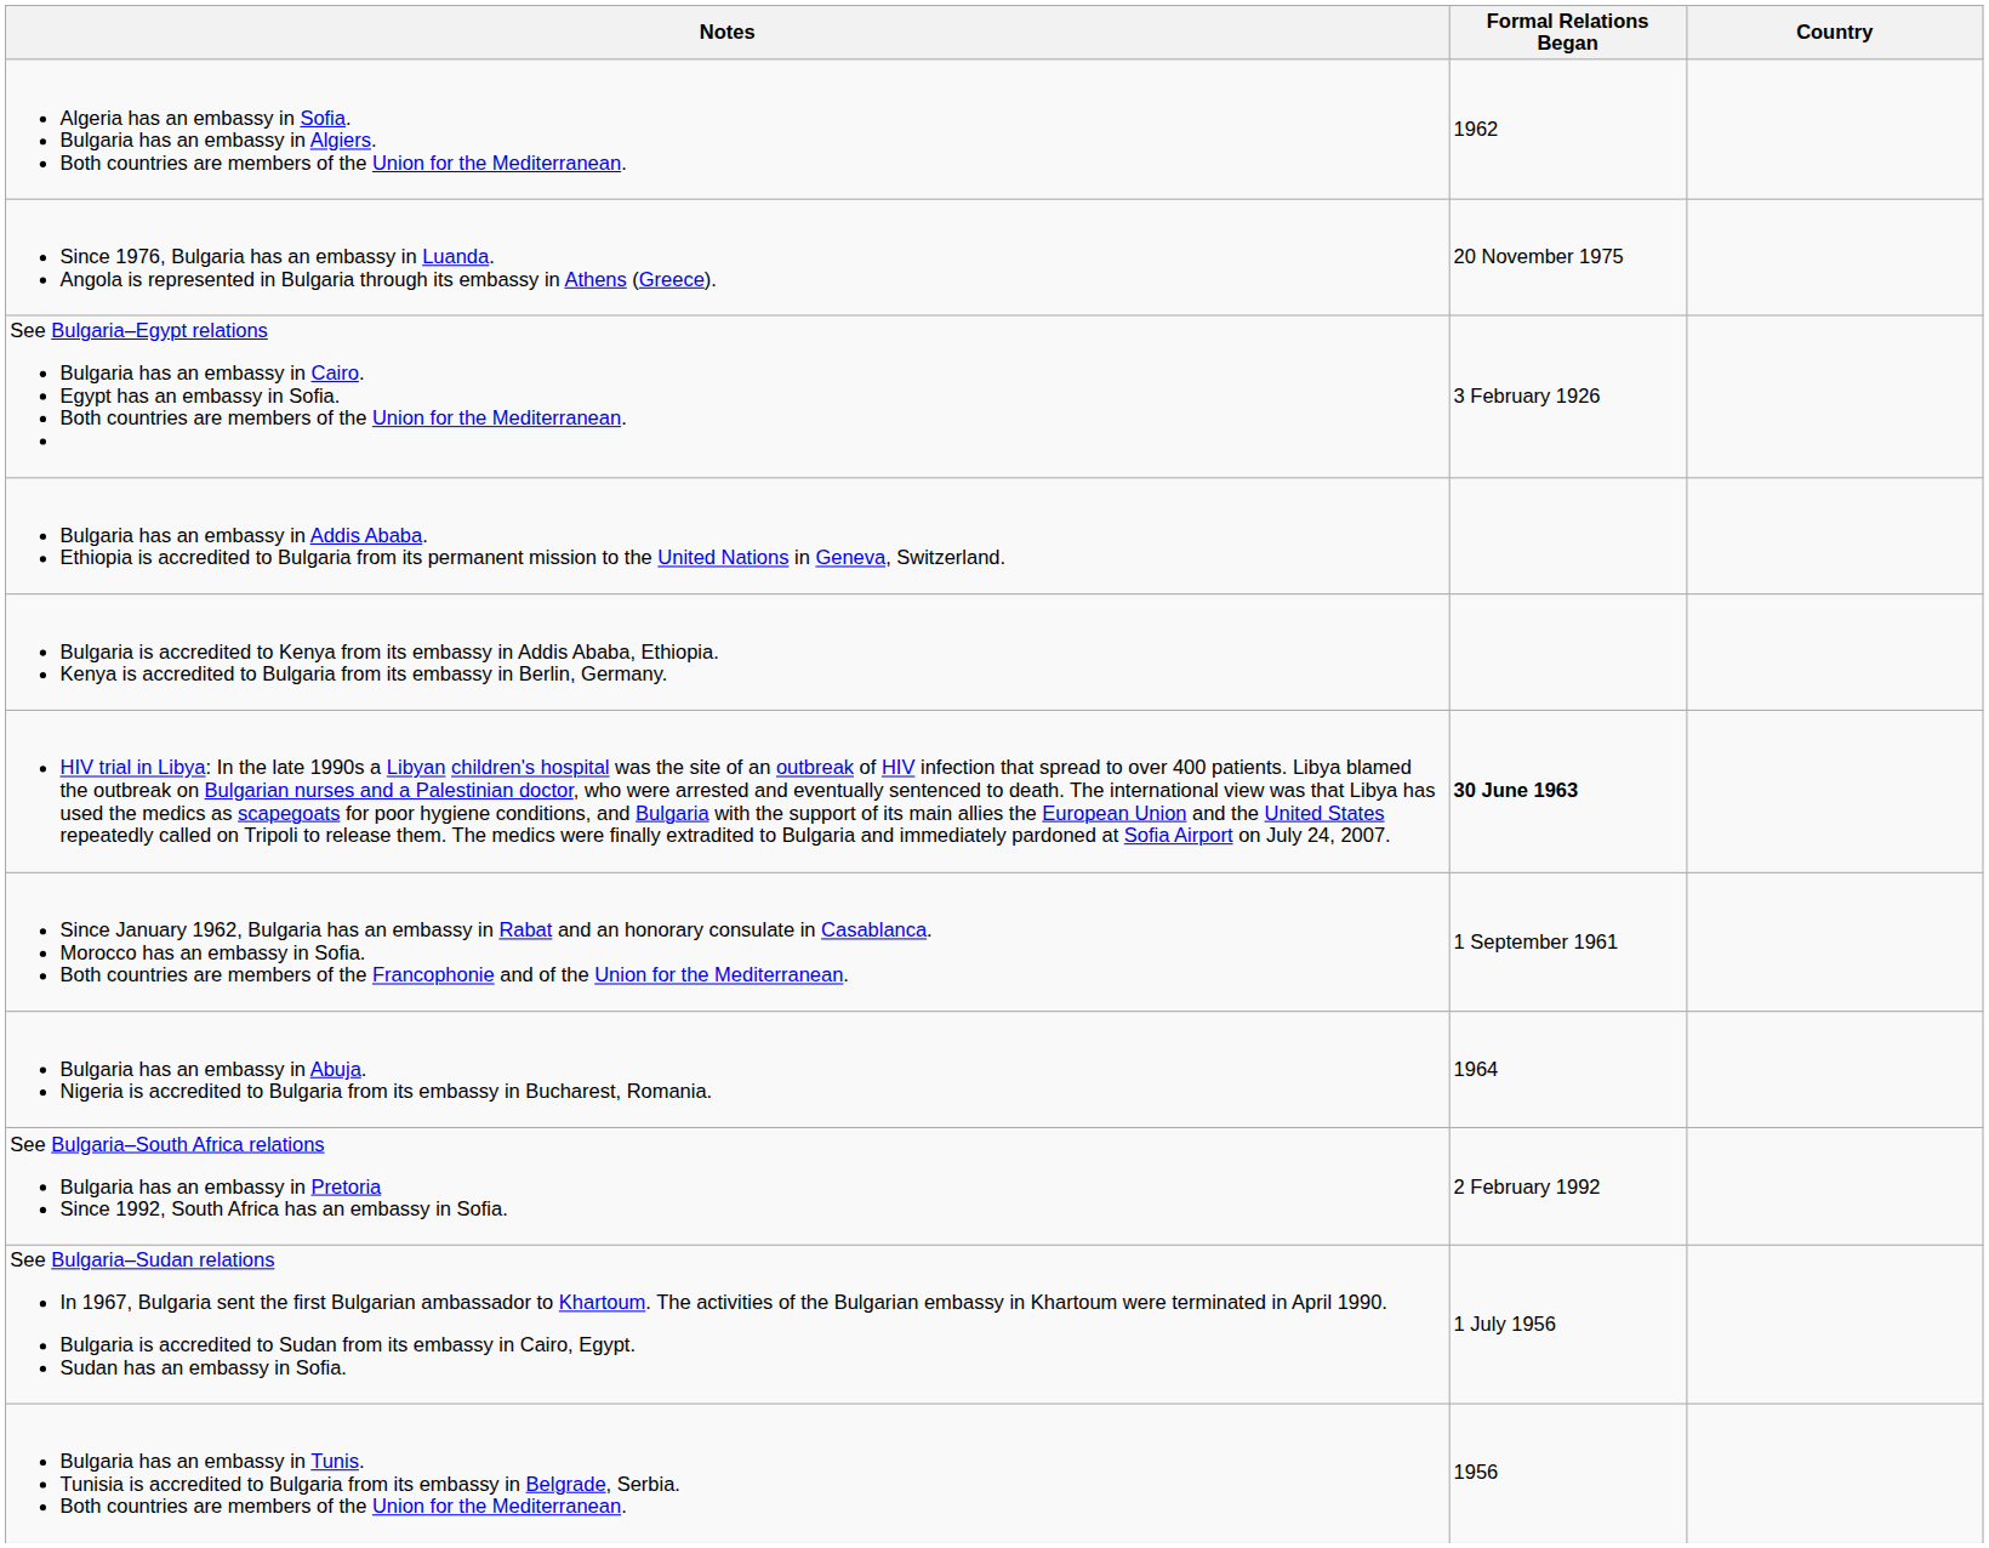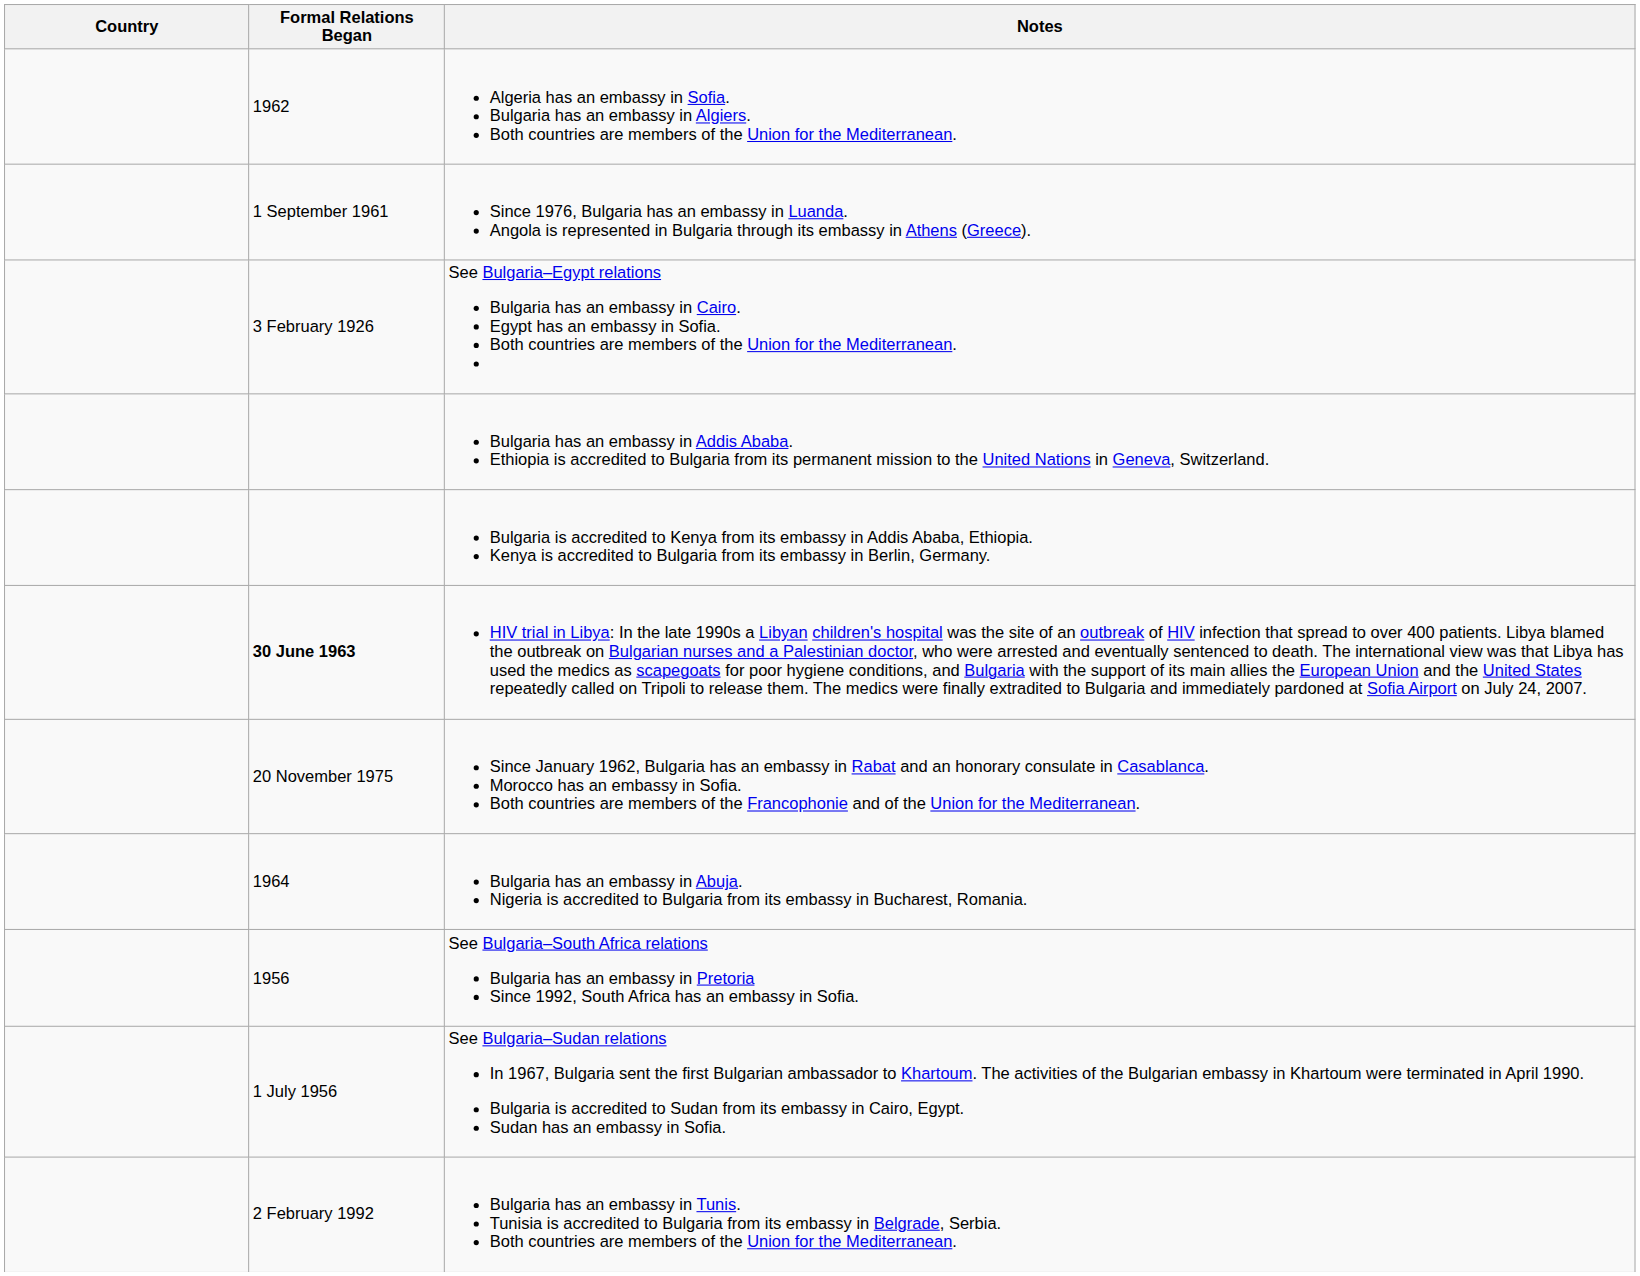 <table class="wikitable sortable" border="1" style="width:100%; margin:auto;">
 <tr>
+<th width="15%">Country</th>
+<th width="12%">Formal Relations Began</th>
 <th>Notes</th>
-<th width="12%">Formal Relations Began</th>
-<th width="15%">Country</th>
 </tr>
 <tr -valign="top">
+<td></td>
+<td>1962</td>
 <td><br><ul><li>Algeria has an embassy in <a href='#'>Sofia</a>.</li><li>Bulgaria has an embassy in <a href='#'>Algiers</a>.</li><li>Both countries are members of the <a href='#'>Union for the Mediterranean</a>.</li></ul></td>
-<td>1962</td>
-<td></td>
 </tr>
 <tr -valign="top">
+<td></td>
+<td>1 September 1961</td>
 <td><br><ul><li>Since 1976, Bulgaria has an embassy in <a href='#'>Luanda</a>.</li><li>Angola is represented in Bulgaria through its embassy in <a href='#'>Athens</a> (<a href='#'>Greece</a>).</li></ul></td>
-<td>20 November 1975</td>
-<td></td>
 </tr>
 <tr -valign="top">
+<td></td>
+<td>3 February 1926</td>
 <td>See <a href='#'>Bulgaria–Egypt relations</a><br><ul><li>Bulgaria has an embassy in <a href='#'>Cairo</a>.</li><li>Egypt has an embassy in Sofia.</li><li>Both countries are members of the <a href='#'>Union for the Mediterranean</a>.</li><li></li></ul></td>
-<td>3 February 1926</td>
-<td></td>
 </tr>
 <tr -valign="top">
-<td><br><ul><li>Bulgaria has an embassy in <a href='#'>Addis Ababa</a>.</li><li>Ethiopia is accredited to Bulgaria from its permanent mission to the <a href='#'>United Nations</a> in <a href='#'>Geneva</a>, Switzerland.</li></ul></td>
 <td></td>
 <td></td>
+<td><br><ul><li>Bulgaria has an embassy in <a href='#'>Addis Ababa</a>.</li><li>Ethiopia is accredited to Bulgaria from its permanent mission to the <a href='#'>United Nations</a> in <a href='#'>Geneva</a>, Switzerland.</li></ul></td>
 </tr>
 <tr -valign="top">
-<td><br><ul><li>Bulgaria is accredited to Kenya from its embassy in Addis Ababa, Ethiopia.</li><li>Kenya is accredited to Bulgaria from its embassy in Berlin, Germany.</li></ul></td>
 <td></td>
 <td></td>
+<td><br><ul><li>Bulgaria is accredited to Kenya from its embassy in Addis Ababa, Ethiopia.</li><li>Kenya is accredited to Bulgaria from its embassy in Berlin, Germany.</li></ul></td>
 </tr>
 <tr -valign="top">
+<td></td>
+<td><strong>30 June 1963</strong></td>
 <td><br><ul><li><a href='#'>HIV trial in Libya</a>: In the late 1990s a <a href='#'>Libyan</a> <a href='#'>children's hospital</a> was the site of an <a href='#'>outbreak</a> of <a href='#'>HIV</a> infection that spread to over 400 patients. Libya blamed the outbreak on <a href='#'>Bulgarian nurses and a Palestinian doctor</a>, who were arrested and eventually sentenced to death. The international view was that Libya has used the medics as <a href='#'>scapegoats</a> for poor hygiene conditions, and <a href='#'>Bulgaria</a> with the support of its main allies the <a href='#'>European Union</a> and the <a href='#'>United States</a> repeatedly called on Tripoli to release them. The medics were finally extradited to Bulgaria and immediately pardoned at <a href='#'>Sofia Airport</a> on July 24, 2007.</li></ul></td>
-<td><strong>30 June 1963</strong></td>
-<td></td>
 </tr>
 <tr -valign="top">
+<td></td>
+<td>20 November 1975</td>
 <td><br><ul><li>Since January 1962, Bulgaria has an embassy in <a href='#'>Rabat</a> and an honorary consulate in <a href='#'>Casablanca</a>.</li><li>Morocco has an embassy in Sofia.</li><li>Both countries are members of the <a href='#'>Francophonie</a> and of the <a href='#'>Union for the Mediterranean</a>.</li></ul></td>
-<td>1 September 1961</td>
-<td></td>
 </tr>
 <tr -valign="top">
+<td></td>
+<td>1964</td>
 <td><br><ul><li>Bulgaria has an embassy in <a href='#'>Abuja</a>.</li><li>Nigeria is accredited to Bulgaria from its embassy in Bucharest, Romania.</li></ul></td>
-<td>1964</td>
-<td></td>
 </tr>
 <tr -valign="top">
+<td></td>
+<td>1956</td>
 <td>See <a href='#'>Bulgaria–South Africa relations</a><br><ul><li>Bulgaria has an embassy in <a href='#'>Pretoria</a></li><li>Since 1992, South Africa has an embassy in Sofia.</li></ul></td>
-<td>2 February 1992</td>
-<td></td>
 </tr>
 <tr -valign="top">
+<td></td>
+<td>1 July 1956</td>
 <td>See <a href='#'>Bulgaria–Sudan relations</a><br><ul><li>In 1967, Bulgaria sent the first Bulgarian ambassador to <a href='#'>Khartoum</a>. The activities of the Bulgarian embassy in Khartoum were terminated in April 1990.</li></ul><ul><li>Bulgaria is accredited to Sudan from its embassy in Cairo, Egypt.</li><li>Sudan has an embassy in Sofia.</li></ul></td>
-<td>1 July 1956</td>
-<td></td>
 </tr>
 <tr -valign="top">
+<td></td>
+<td>2 February 1992</td>
 <td><br><ul><li>Bulgaria has an embassy in <a href='#'>Tunis</a>.</li><li>Tunisia is accredited to Bulgaria from its embassy in <a href='#'>Belgrade</a>, Serbia.</li><li>Both countries are members of the <a href='#'>Union for the Mediterranean</a>.</li></ul></td>
-<td>1956</td>
-<td></td>
 </tr>
 </table>
